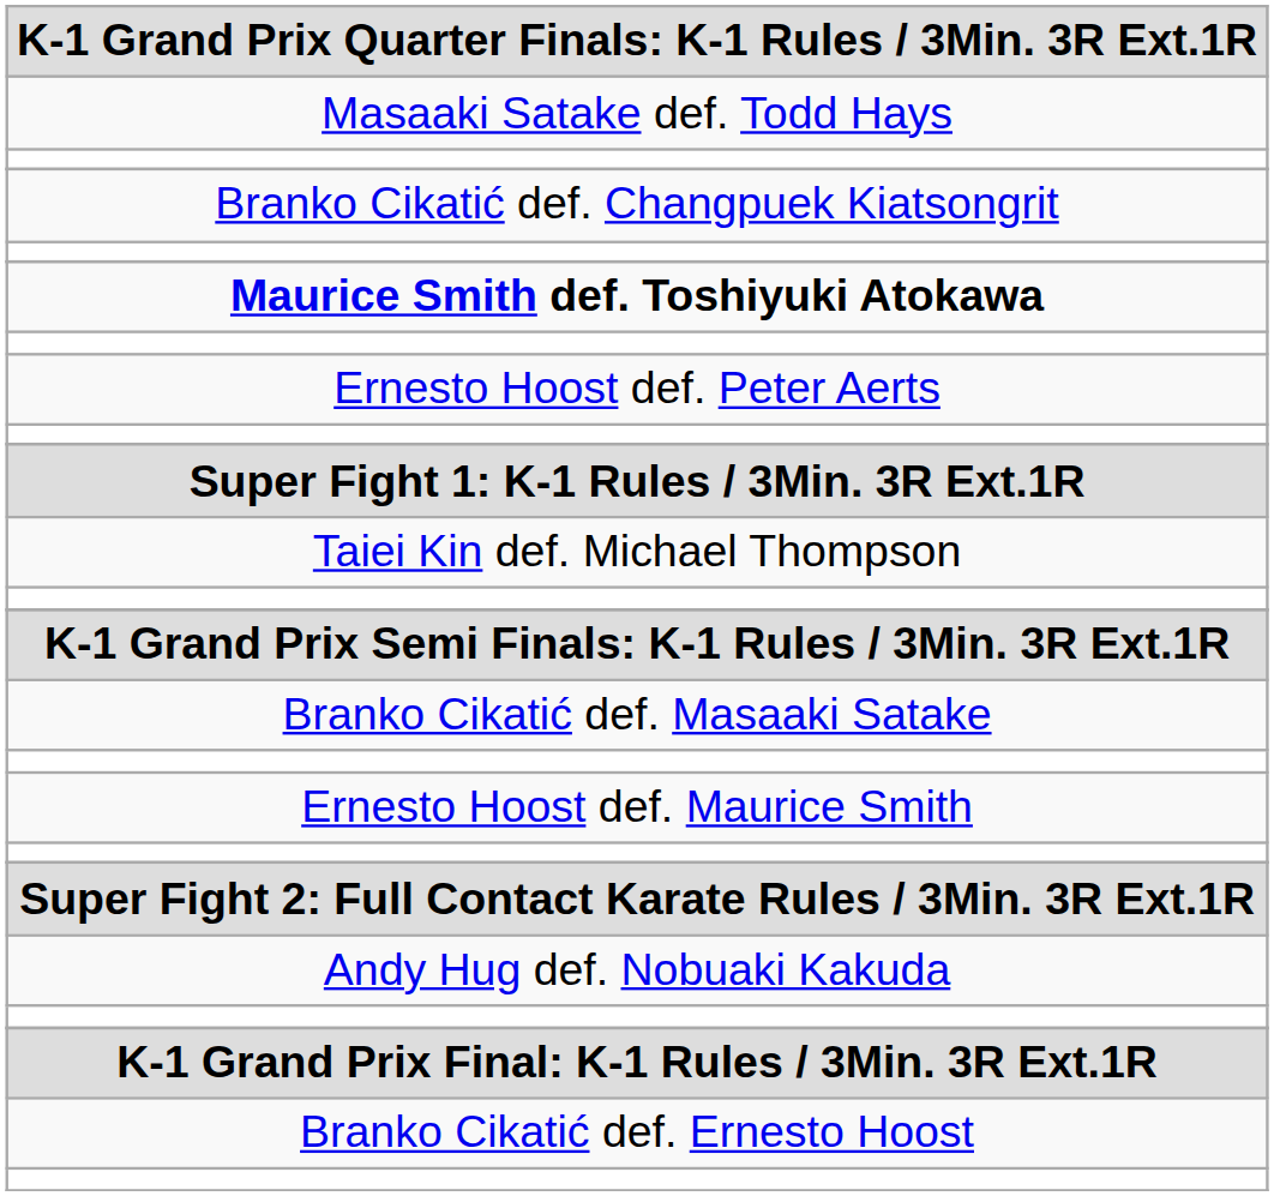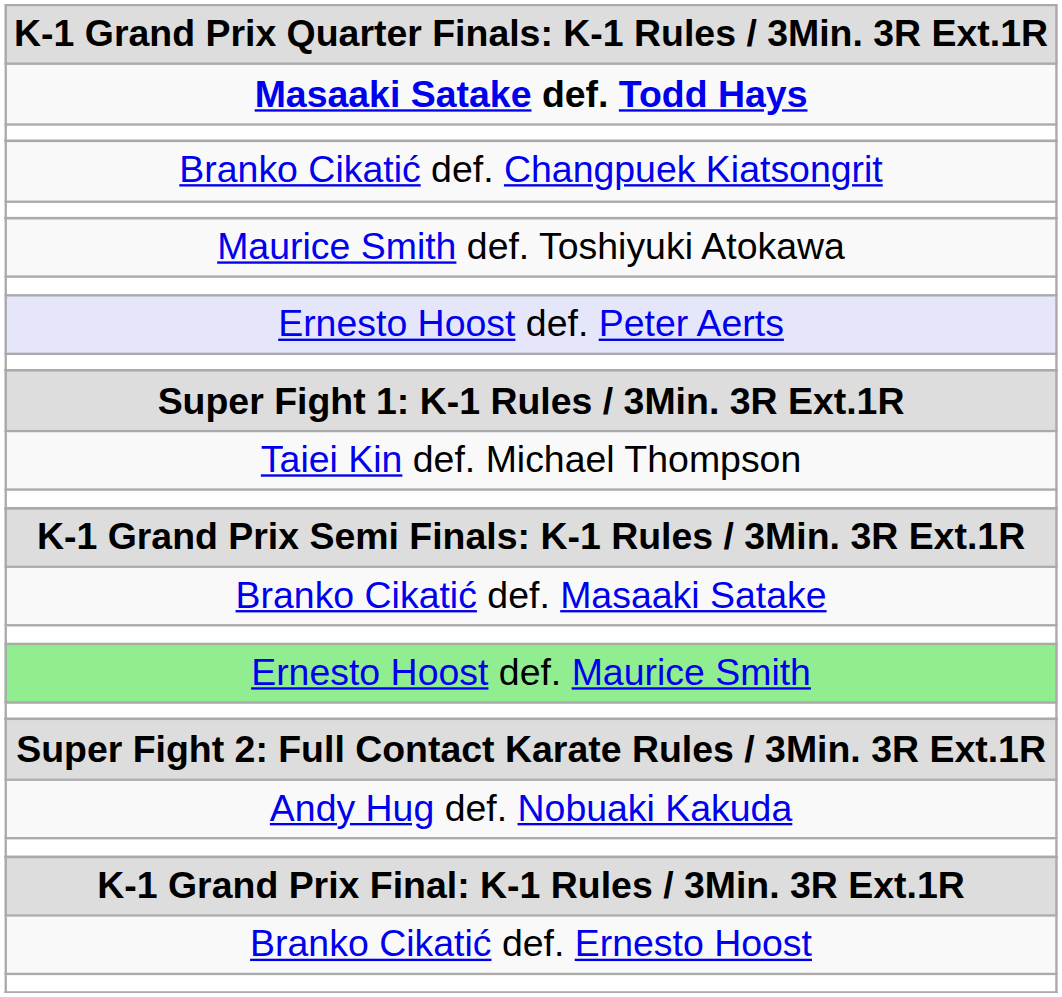 <table class="wikitable" style="clear:both; margin:1.5em auto; text-align:center;">
 <tr align="center"  bgcolor="#dddddd">
 <td><strong>K-1 Grand Prix Quarter Finals: K-1 Rules / 3Min. 3R Ext.1R</strong></td>
 </tr>
 <tr align="center"  bgcolor=>
-<td align=center> <a href='#'>Masaaki Satake</a> def. <a href='#'>Todd Hays</a> </td>
+<td align=center><strong> <a href='#'>Masaaki Satake</a> def. <a href='#'>Todd Hays</a> </strong></td>
 </tr>
 <tr>
 <th style=background:white colspan=2></th>
 </tr>
 <tr>
 </tr>
 <tr align="center"  bgcolor=>
 <td align=center> <a href='#'>Branko Cikatić</a> def. <a href='#'>Changpuek Kiatsongrit</a> </td>
 </tr>
 <tr>
 <th style=background:white colspan=2></th>
 </tr>
 <tr>
 </tr>
 <tr align="center"  bgcolor=>
-<td align=center><strong> <a href='#'>Maurice Smith</a> def. Toshiyuki Atokawa </strong></td>
+<td align=center> <a href='#'>Maurice Smith</a> def. Toshiyuki Atokawa </td>
 </tr>
 <tr>
 <th style=background:white colspan=2></th>
 </tr>
 <tr>
-<td align=center> <a href='#'>Ernesto Hoost</a> def. <a href='#'>Peter Aerts</a> </td>
+<td align=center style="background: lavender;"> <a href='#'>Ernesto Hoost</a> def. <a href='#'>Peter Aerts</a> </td>
 </tr>
 <tr>
 <th style=background:white colspan=2></th>
 </tr>
 <tr>
 </tr>
 <tr align="center"  bgcolor="#dddddd">
 <td><strong>Super Fight 1: K-1 Rules / 3Min. 3R Ext.1R</strong></td>
 </tr>
 <tr align="center"  bgcolor=>
 <td align=center> <a href='#'>Taiei Kin</a> def. Michael Thompson </td>
 </tr>
 <tr>
 <th style=background:white colspan=2></th>
 </tr>
 <tr>
 </tr>
 <tr align="center"  bgcolor="#dddddd">
 <td><strong>K-1 Grand Prix Semi Finals: K-1 Rules / 3Min. 3R Ext.1R</strong></td>
 </tr>
 <tr align="center"  bgcolor=>
 <td align=center> <a href='#'>Branko Cikatić</a> def. <a href='#'>Masaaki Satake</a> </td>
 </tr>
 <tr>
 <th style=background:white colspan=2></th>
 </tr>
 <tr>
-<td align=center> <a href='#'>Ernesto Hoost</a> def. <a href='#'>Maurice Smith</a> </td>
+<td align=center style="background: lightgreen;"> <a href='#'>Ernesto Hoost</a> def. <a href='#'>Maurice Smith</a> </td>
 </tr>
 <tr>
 <th style=background:white colspan=2></th>
 </tr>
 <tr>
 </tr>
 <tr align="center"  bgcolor="#dddddd">
 <td><strong>Super Fight 2: Full Contact Karate Rules / 3Min. 3R Ext.1R</strong></td>
 </tr>
 <tr align="center"  bgcolor=>
 <td align=center> <a href='#'>Andy Hug</a> def. <a href='#'>Nobuaki Kakuda</a> </td>
 </tr>
 <tr>
 <th style=background:white colspan=2></th>
 </tr>
 <tr>
 </tr>
 <tr align="center"  bgcolor="#dddddd">
 <td><strong>K-1 Grand Prix Final: K-1 Rules / 3Min. 3R Ext.1R</strong></td>
 </tr>
 <tr align="center"  bgcolor=>
 <td align=center> <a href='#'>Branko Cikatić</a> def. <a href='#'>Ernesto Hoost</a> </td>
 </tr>
 <tr>
 <th style=background:white colspan=2></th>
 </tr>
 <tr>
 </tr>
 </table>
